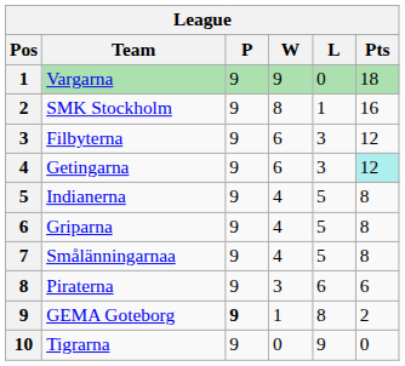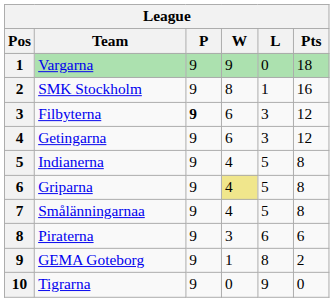 <table class="wikitable">
 <tr>
 <th colspan="6">League</th>
 </tr>
 <tr>
 <th width=20>Pos</th>
 <th width=150>Team</th>
 <th width=30>P</th>
 <th width=30>W</th>
 <th width=30>L</th>
 <th width=30>Pts</th>
 </tr>
 <tr style="background:#ACE1AF;">
 <th>1</th>
 <td><a href='#'>Vargarna</a></td>
 <td>9</td>
 <td>9</td>
 <td>0</td>
 <td>18</td>
 </tr>
 <tr>
 <th>2</th>
 <td><a href='#'>SMK Stockholm</a></td>
 <td>9</td>
 <td>8</td>
 <td>1</td>
 <td>16</td>
 </tr>
 <tr>
 <th>3</th>
 <td><a href='#'>Filbyterna</a></td>
-<td>9</td>
+<td><strong>9</strong></td>
 <td>6</td>
 <td>3</td>
 <td>12</td>
 </tr>
 <tr>
 <th>4</th>
 <td><a href='#'>Getingarna</a></td>
 <td>9</td>
 <td>6</td>
 <td>3</td>
-<td style="background: paleturquoise;">12</td>
+<td>12</td>
 </tr>
 <tr>
 <th>5</th>
 <td><a href='#'>Indianerna</a></td>
 <td>9</td>
 <td>4</td>
 <td>5</td>
 <td>8</td>
 </tr>
 <tr>
 <th>6</th>
 <td><a href='#'>Griparna</a></td>
 <td>9</td>
-<td>4</td>
+<td style="background: khaki;">4</td>
 <td>5</td>
 <td>8</td>
 </tr>
 <tr>
 <th>7</th>
 <td><a href='#'>Smålänningarnaa</a></td>
 <td>9</td>
 <td>4</td>
 <td>5</td>
 <td>8</td>
 </tr>
 <tr>
 <th>8</th>
 <td><a href='#'>Piraterna</a></td>
 <td>9</td>
 <td>3</td>
 <td>6</td>
 <td>6</td>
 </tr>
 <tr>
 <th>9</th>
 <td><a href='#'>GEMA Goteborg</a></td>
-<td><strong>9</strong></td>
+<td>9</td>
 <td>1</td>
 <td>8</td>
 <td>2</td>
 </tr>
 <tr>
 <th>10</th>
 <td><a href='#'>Tigrarna</a></td>
 <td>9</td>
 <td>0</td>
 <td>9</td>
 <td>0</td>
 </tr>
 </table>
